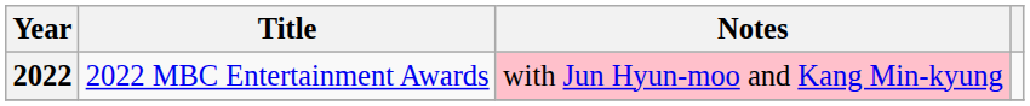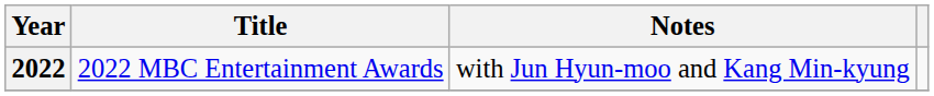 <table class="wikitable  plainrowheaders">
 <tr>
 <th scope="col">Year</th>
 <th scope="col">Title</th>
 <th scope="col">Notes</th>
 <th scope="col" class="unsortable"></th>
 </tr>
 <tr>
 <th scope="row">2022</th>
 <td><a href='#'>2022 MBC Entertainment Awards</a></td>
-<td style="background: pink;">with <a href='#'>Jun Hyun-moo</a> and <a href='#'>Kang Min-kyung</a></td>
+<td>with <a href='#'>Jun Hyun-moo</a> and <a href='#'>Kang Min-kyung</a></td>
 <td style="text-align:center"></td>
 </tr>
 <tr>
 </tr>
 </table>
